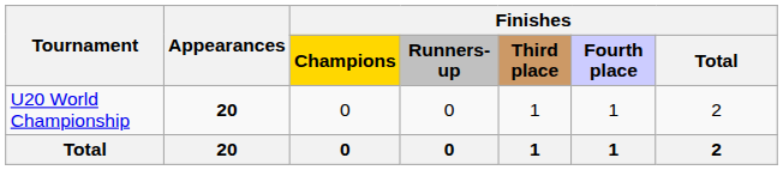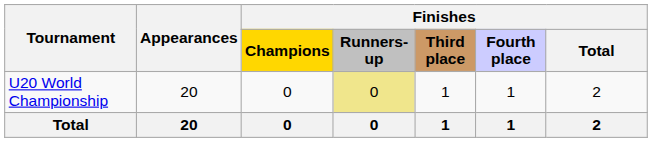 <table class="wikitable" style="text-align: center; font-size: 90%; margin-left: 1em;">
 <tr>
 <th rowspan="2">Tournament</th>
 <th rowspan="2">Appearances</th>
 <th colspan="5">Finishes</th>
 </tr>
 <tr>
 <th style="background-color: gold;">Champions</th>
 <th style="background-color: silver;">Runners-up</th>
 <th style="background-color: #cc9966;">Third place</th>
 <th style="background-color: #ccccff;">Fourth place</th>
 <th style="width: 6em;">Total</th>
 </tr>
 <tr>
 <td style="text-align:left;"><a href='#'>U20 World Championship</a></td>
-<td><strong>20</strong></td>
+<td>20</td>
 <td>0</td>
-<td>0</td>
+<td style="background: khaki;">0</td>
 <td>1</td>
 <td>1</td>
 <td>2</td>
 </tr>
 <tr>
 <th>Total</th>
 <th>20</th>
 <th>0</th>
 <th>0</th>
 <th>1</th>
 <th>1</th>
 <th>2</th>
 </tr>
 </table>
